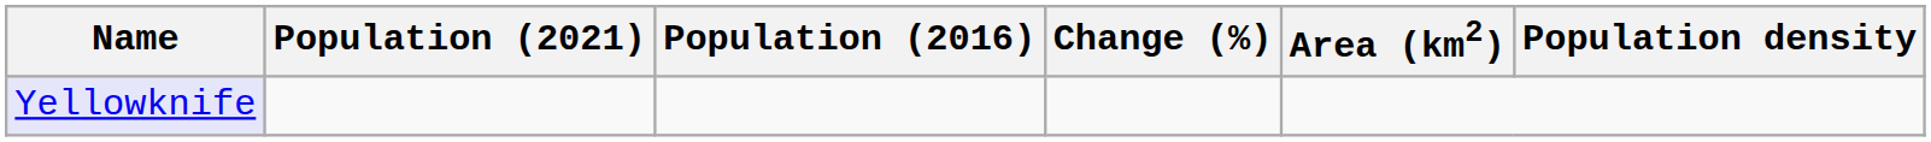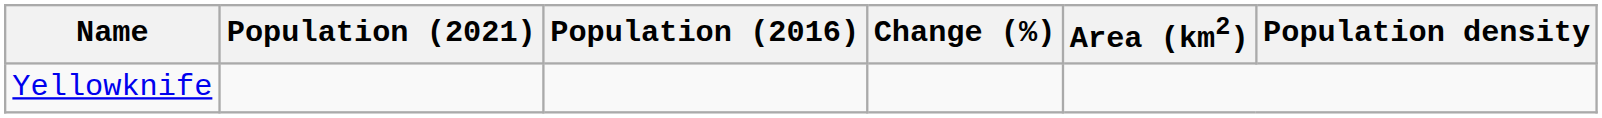 <table class="wikitable">
 <tr>
 <th>Name</th>
 <th>Population (2021)</th>
 <th>Population (2016)</th>
 <th>Change (%)</th>
 <th>Area (km<sup>2</sup>)</th>
 <th>Population density</th>
 </tr>
 <tr>
-<td style="background: lavender;"><a href='#'>Yellowknife</a></td>
+<td><a href='#'>Yellowknife</a></td>
 <td></td>
 <td align=right></td>
 <td align=right></td>
 </tr>
 </table>
